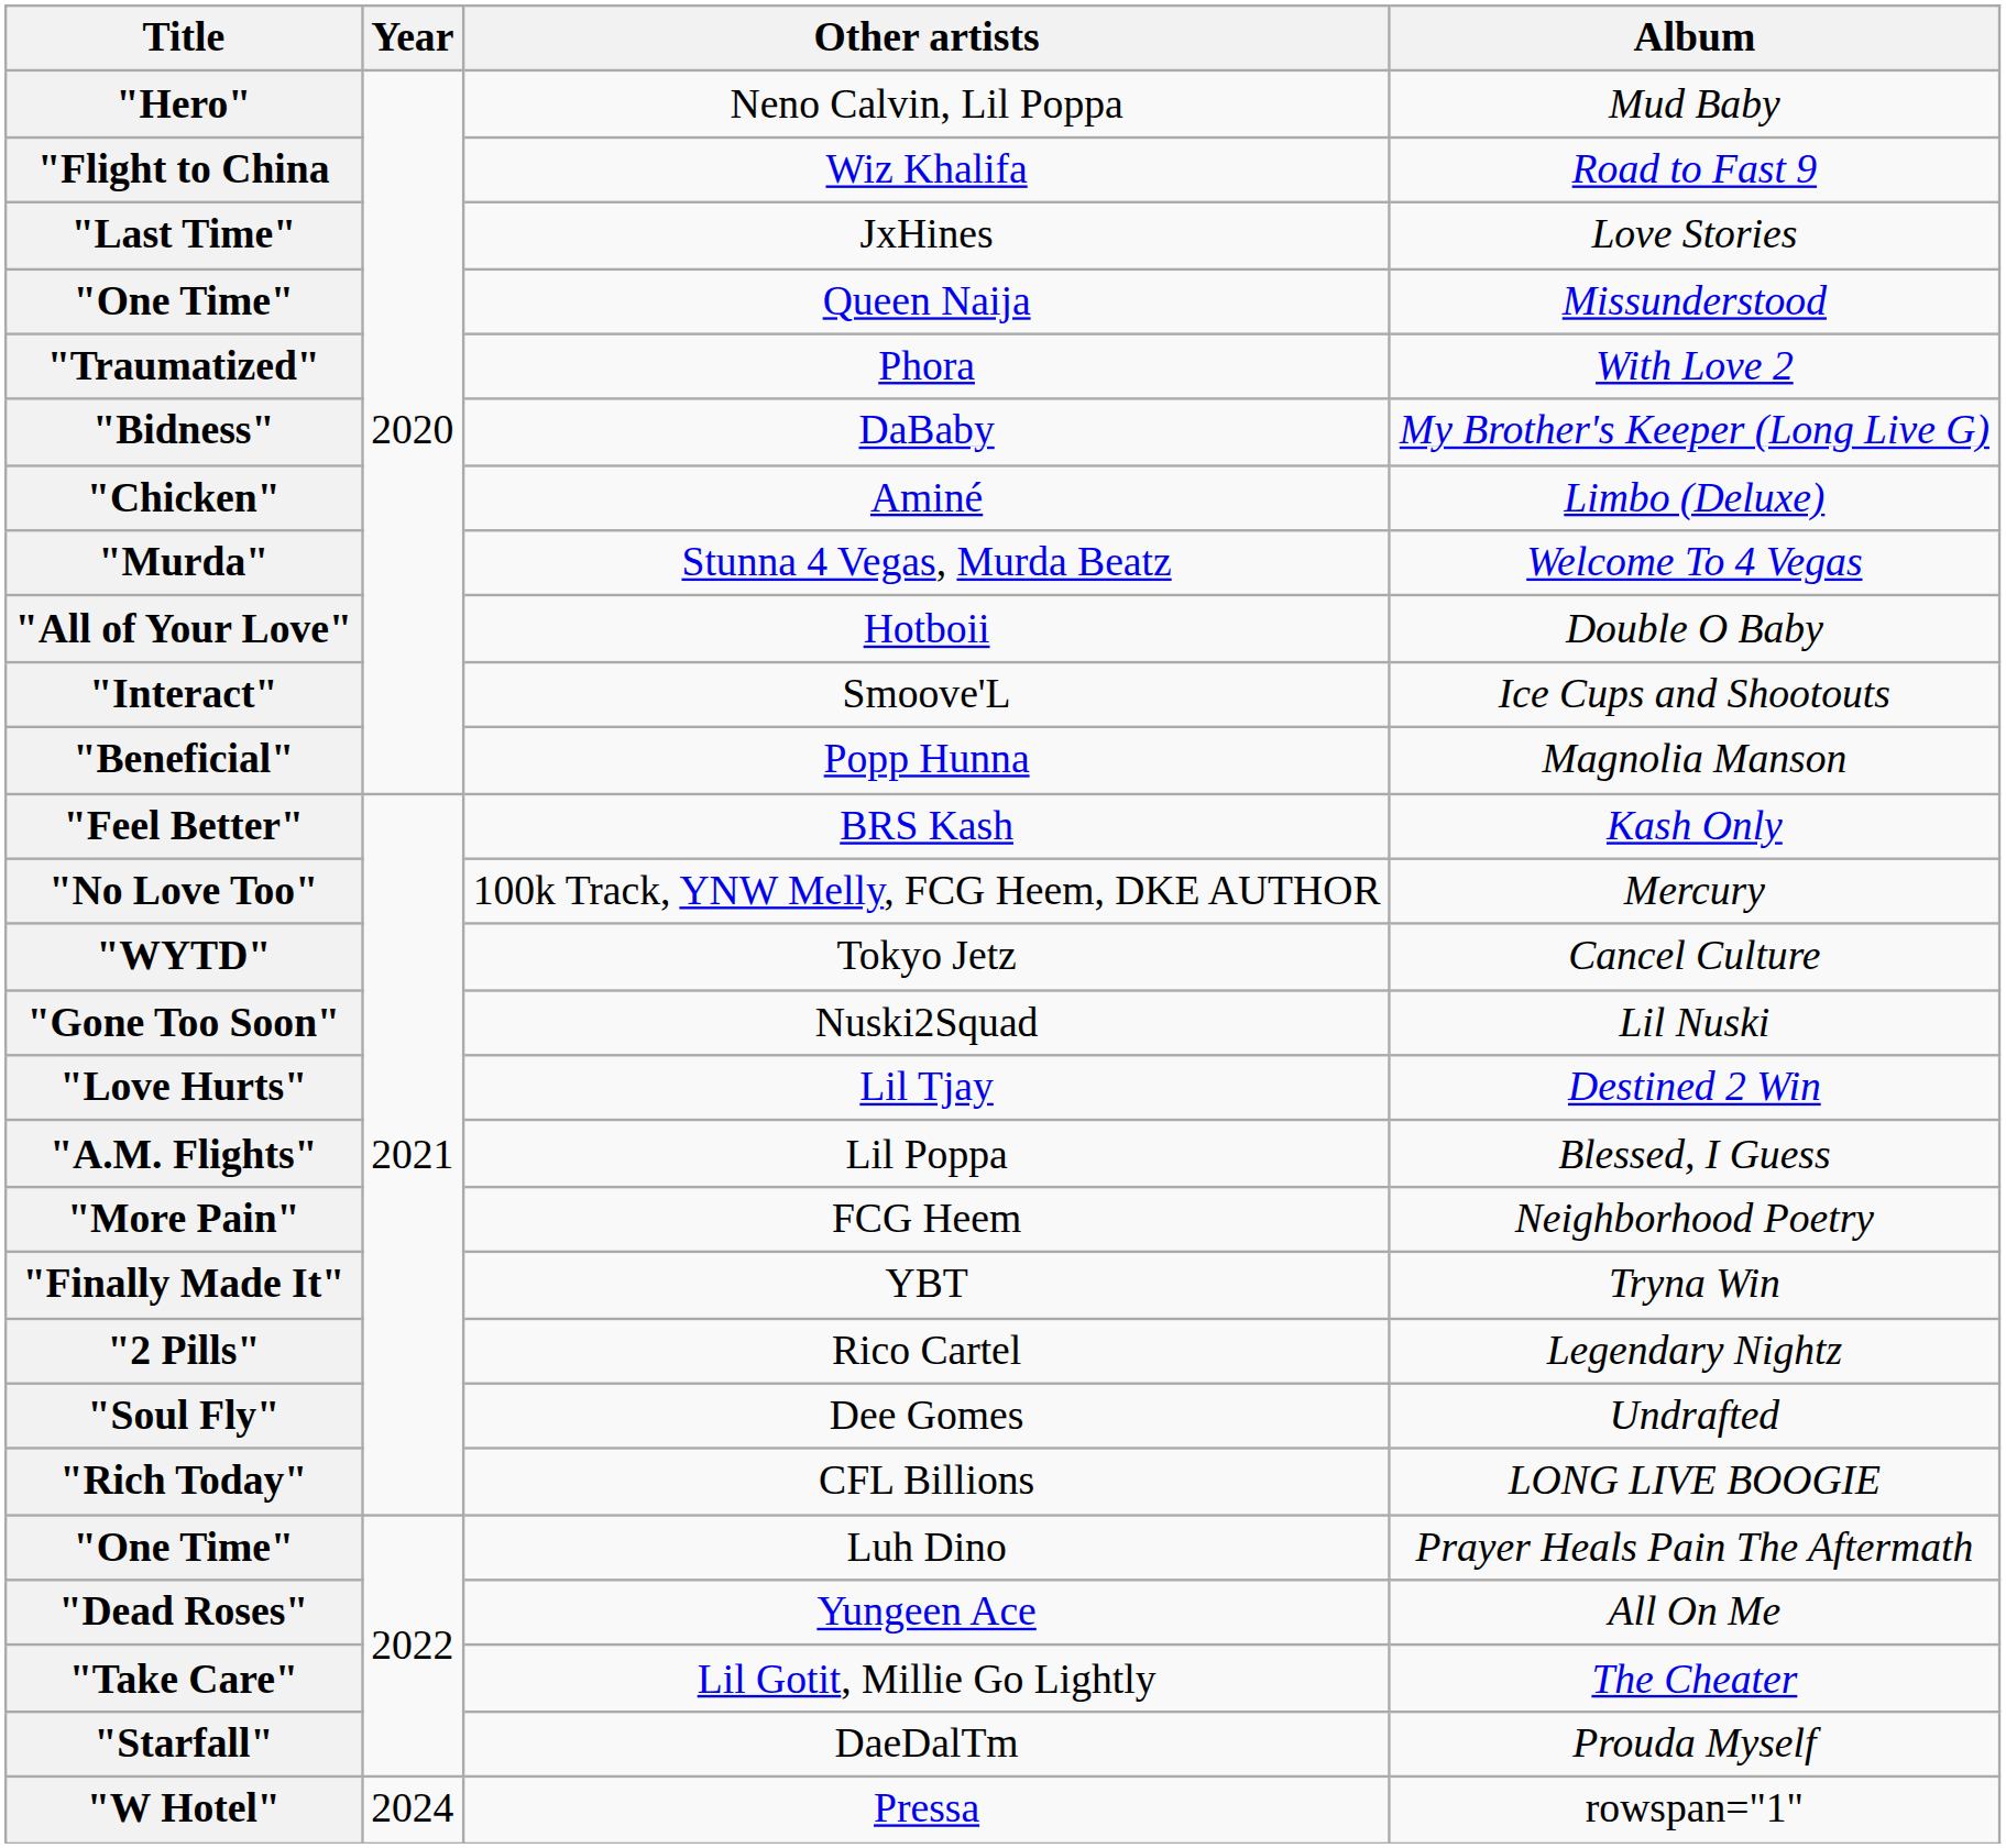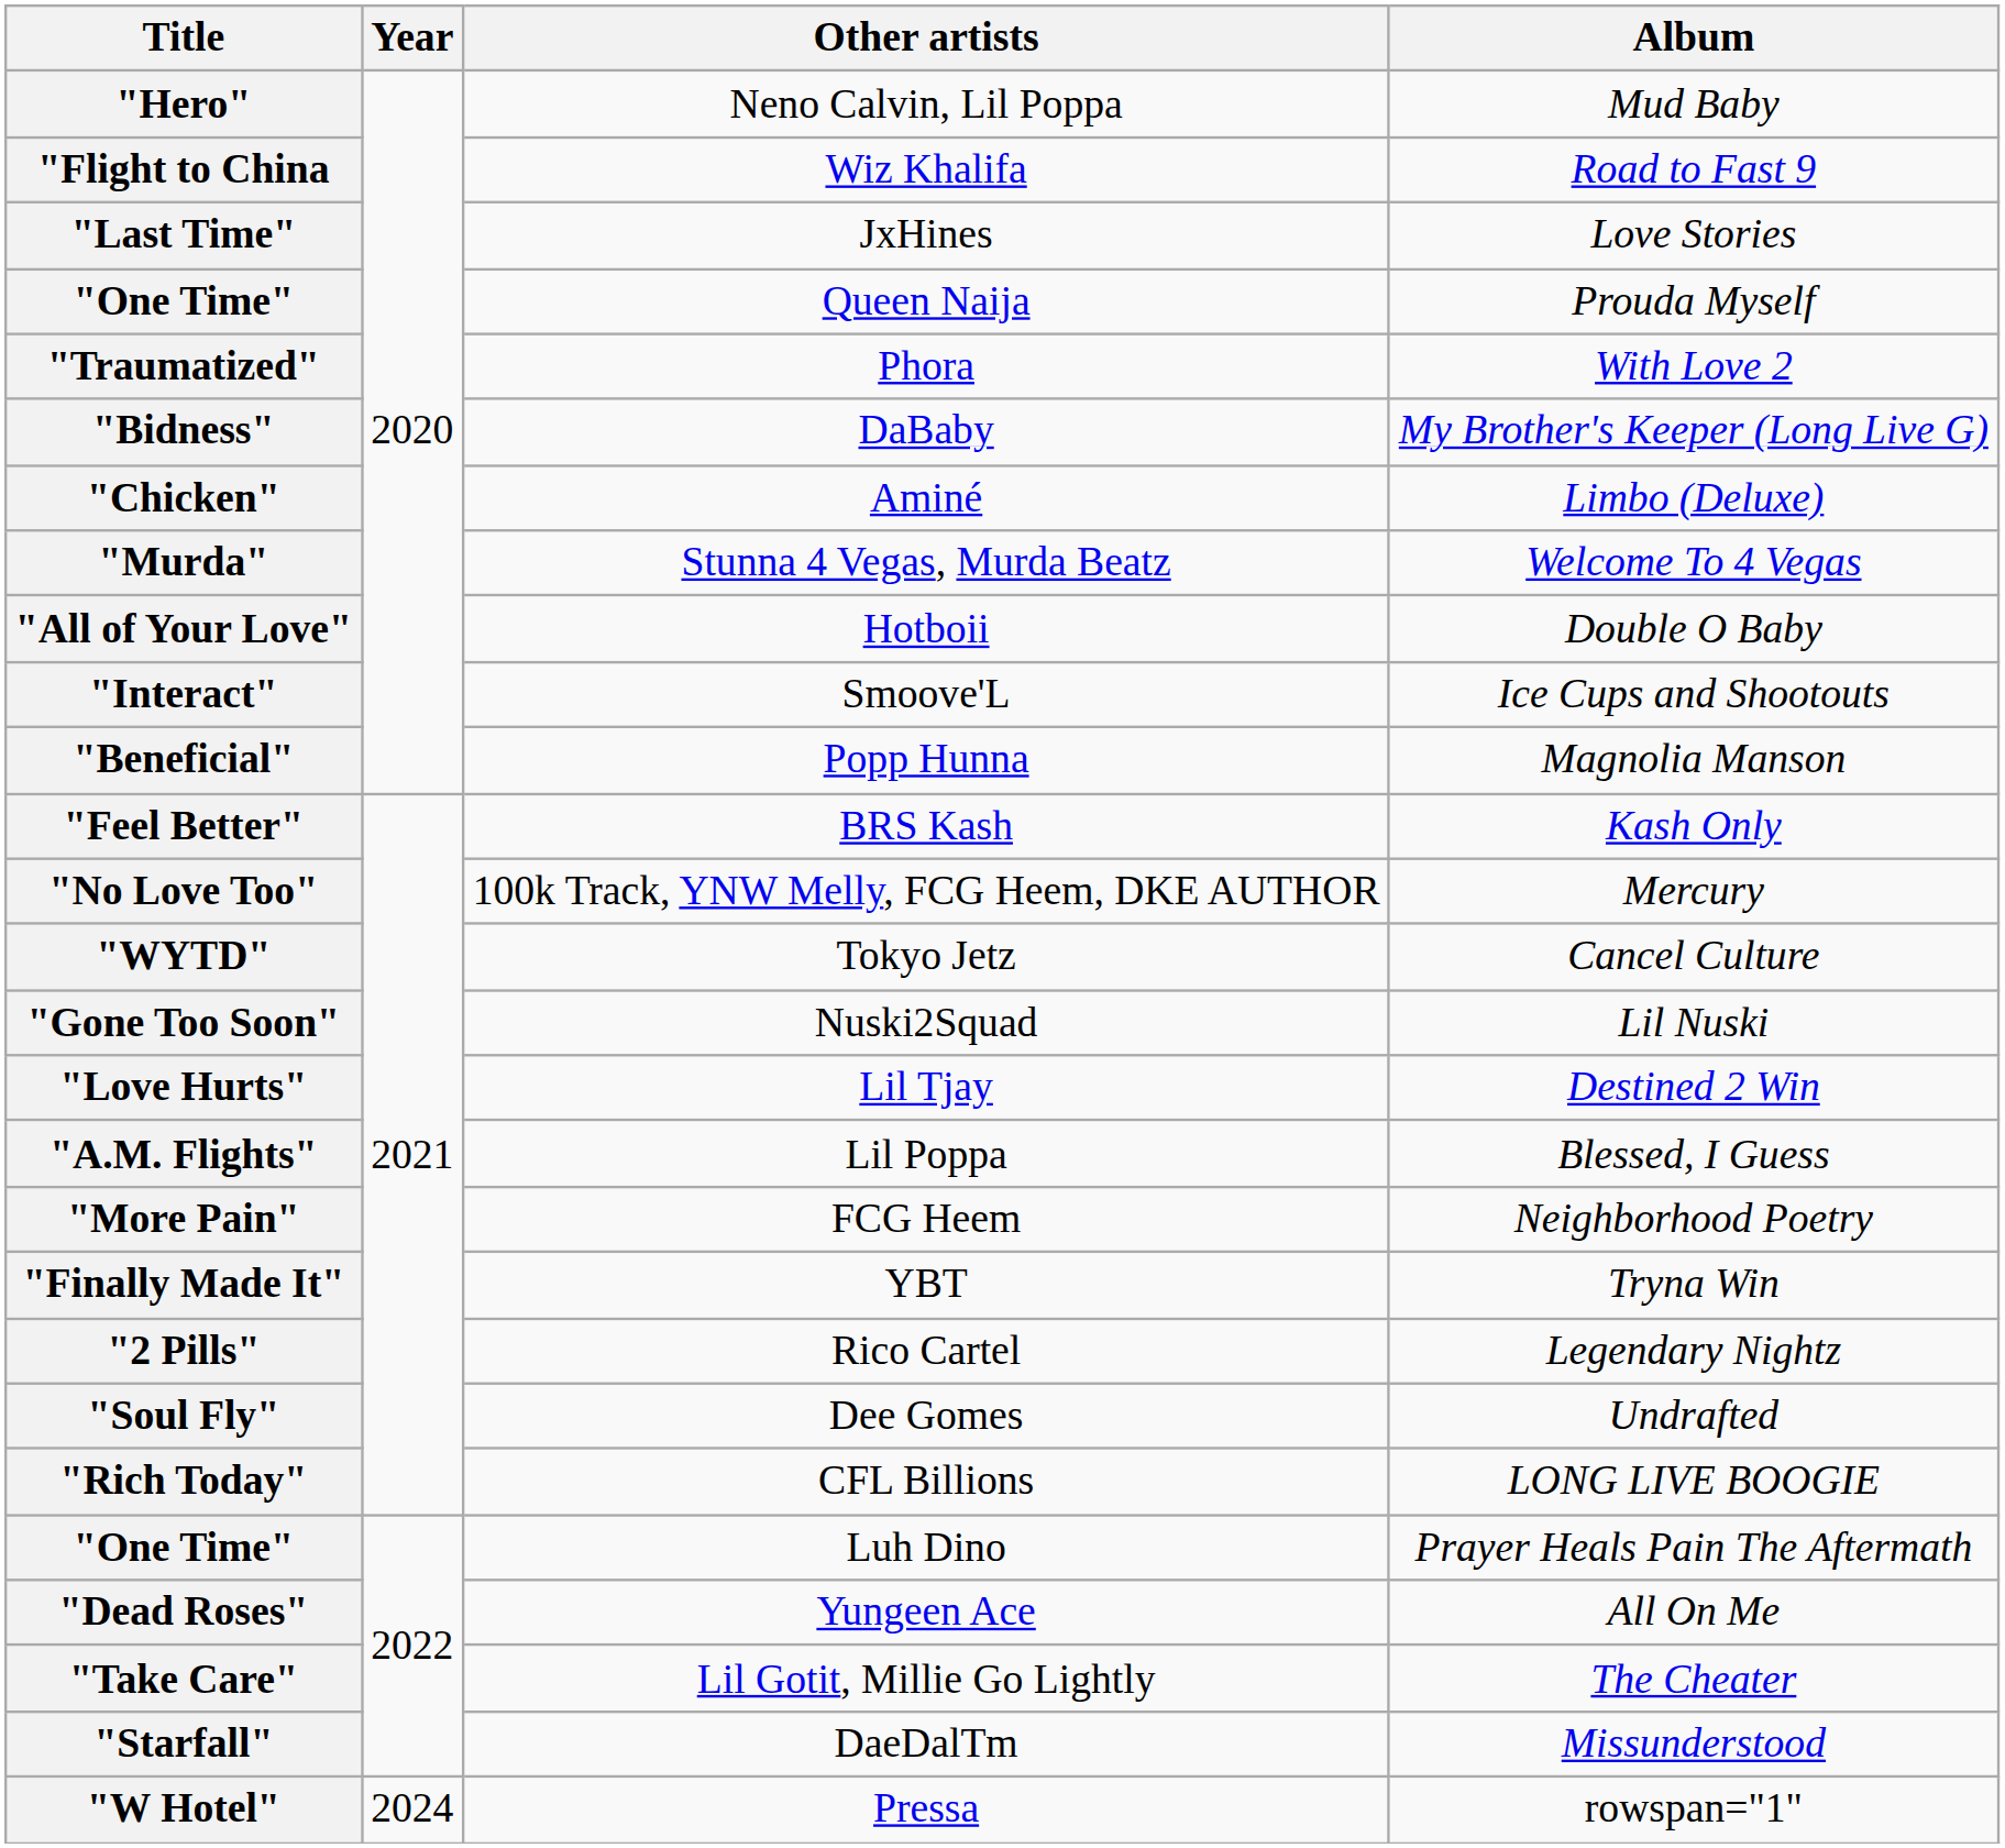 <table class="wikitable plainrowheaders" style="text-align:center;">
 <tr>
 <th scope="col">Title</th>
 <th scope="col">Year</th>
 <th scope="col">Other artists</th>
 <th scope="col">Album</th>
 </tr>
 <tr>
 <th scope="row">"Hero"</th>
 <td rowspan="11">2020</td>
 <td>Neno Calvin, Lil Poppa</td>
 <td><em>Mud Baby</em></td>
 </tr>
 <tr>
 <th scope="row">"Flight to China</th>
 <td><a href='#'>Wiz Khalifa</a></td>
 <td><em><a href='#'>Road to Fast 9</a></em></td>
 </tr>
 <tr>
 <th scope="row">"Last Time"</th>
 <td>JxHines</td>
 <td><em>Love Stories</em></td>
 </tr>
 <tr>
 <th scope="row">"One Time"</th>
 <td><a href='#'>Queen Naija</a></td>
-<td><em><a href='#'>Missunderstood</a></em></td>
+<td><em>Prouda Myself</em></td>
 </tr>
 <tr>
 <th scope="row">"Traumatized"</th>
 <td><a href='#'>Phora</a></td>
 <td><em><a href='#'>With Love 2</a></em></td>
 </tr>
 <tr>
 <th scope="row">"Bidness"</th>
 <td><a href='#'>DaBaby</a></td>
 <td><em><a href='#'>My Brother's Keeper (Long Live G)</a></em></td>
 </tr>
 <tr>
 <th scope="row">"Chicken"</th>
 <td><a href='#'>Aminé</a></td>
 <td><em><a href='#'>Limbo (Deluxe)</a></em></td>
 </tr>
 <tr>
 <th scope="row">"Murda"</th>
 <td><a href='#'>Stunna 4 Vegas</a>, <a href='#'>Murda Beatz</a></td>
 <td><em><a href='#'>Welcome To 4 Vegas</a></em></td>
 </tr>
 <tr>
 <th scope="row">"All of Your Love"</th>
 <td><a href='#'>Hotboii</a></td>
 <td><em>Double O Baby</em></td>
 </tr>
 <tr>
 <th scope="row">"Interact"</th>
 <td>Smoove'L</td>
 <td><em>Ice Cups and Shootouts</em></td>
 </tr>
 <tr>
 <th scope="row">"Beneficial"</th>
 <td><a href='#'>Popp Hunna</a></td>
 <td><em>Magnolia Manson</em></td>
 </tr>
 <tr>
 <th scope="row">"Feel Better"</th>
 <td rowspan="11">2021</td>
 <td><a href='#'>BRS Kash</a></td>
 <td><em><a href='#'>Kash Only</a></em></td>
 </tr>
 <tr>
 <th scope="row">"No Love Too"</th>
 <td>100k Track, <a href='#'>YNW Melly</a>, FCG Heem, DKE AUTHOR</td>
 <td><em>Mercury</em></td>
 </tr>
 <tr>
 <th scope="row">"WYTD"</th>
 <td>Tokyo Jetz</td>
 <td><em>Cancel Culture</em></td>
 </tr>
 <tr>
 <th scope="row">"Gone Too Soon"</th>
 <td>Nuski2Squad</td>
 <td><em>Lil Nuski</em></td>
 </tr>
 <tr>
 <th scope="row">"Love Hurts"</th>
 <td><a href='#'>Lil Tjay</a></td>
 <td><em><a href='#'>Destined 2 Win</a></em></td>
 </tr>
 <tr>
 <th scope="row">"A.M. Flights"</th>
 <td>Lil Poppa</td>
 <td><em>Blessed, I Guess</em></td>
 </tr>
 <tr>
 <th scope="row">"More Pain"</th>
 <td>FCG Heem</td>
 <td><em>Neighborhood Poetry</em></td>
 </tr>
 <tr>
 <th scope="row">"Finally Made It"</th>
 <td>YBT</td>
 <td><em>Tryna Win</em></td>
 </tr>
 <tr>
 <th scope="row">"2 Pills"</th>
 <td>Rico Cartel</td>
 <td><em>Legendary Nightz</em></td>
 </tr>
 <tr>
 <th scope="row">"Soul Fly"</th>
 <td>Dee Gomes</td>
 <td><em>Undrafted</em></td>
 </tr>
 <tr>
 <th scope="row">"Rich Today"</th>
 <td>CFL Billions</td>
 <td><em>LONG LIVE BOOGIE</em></td>
 </tr>
 <tr>
 <th scope="row">"One Time"</th>
 <td rowspan="4">2022</td>
 <td>Luh Dino</td>
 <td><em>Prayer Heals Pain The Aftermath</em></td>
 </tr>
 <tr>
 <th scope="row">"Dead Roses"</th>
 <td><a href='#'>Yungeen Ace</a></td>
 <td><em>All On Me</em></td>
 </tr>
 <tr>
 <th scope="row">"Take Care"</th>
 <td><a href='#'>Lil Gotit</a>, Millie Go Lightly</td>
 <td><em><a href='#'>The Cheater</a></em></td>
 </tr>
 <tr>
 <th scope="row">"Starfall"</th>
 <td>DaeDalTm</td>
-<td><em>Prouda Myself</em></td>
+<td><em><a href='#'>Missunderstood</a></em></td>
 </tr>
 <tr>
 <th scope="row">"W Hotel"</th>
 <td rowspan="1">2024</td>
 <td><a href='#'>Pressa</a></td>
 <td>rowspan="1" </td>
 </tr>
 <tr>
 </tr>
 </table>
